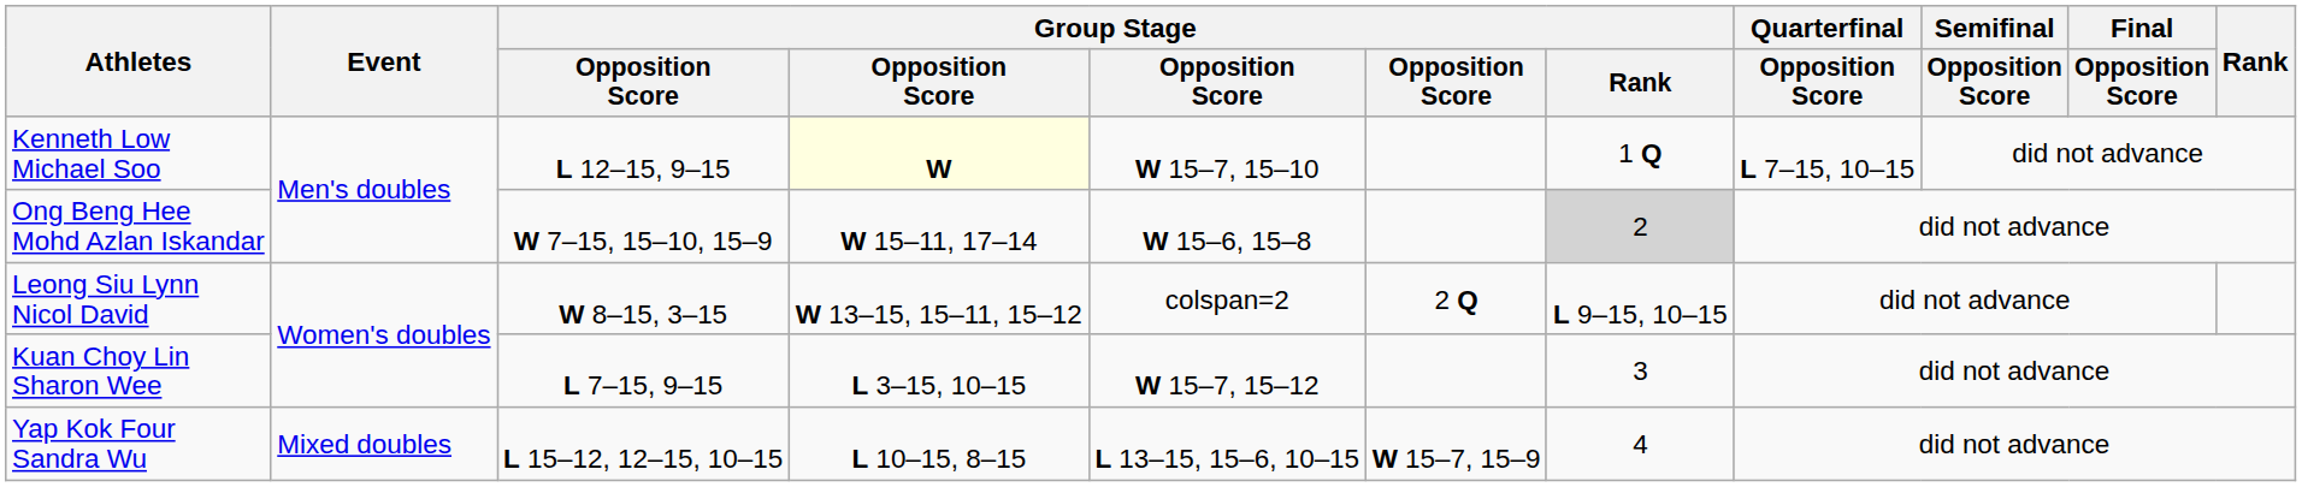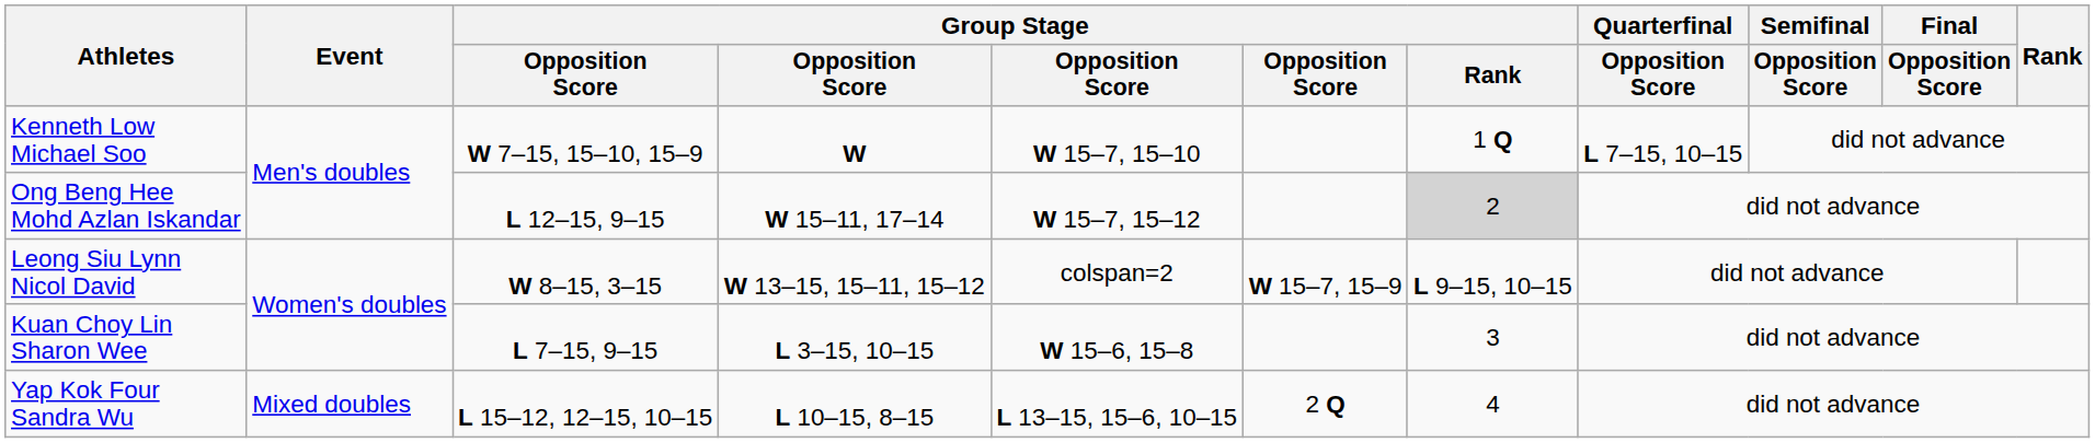 <table class="wikitable" style="font-size:90%">
 <tr>
 <th rowspan=2>Athletes</th>
 <th rowspan=2>Event</th>
 <th colspan=5>Group Stage</th>
 <th>Quarterfinal</th>
 <th>Semifinal</th>
 <th>Final</th>
 <th rowspan=2>Rank</th>
 </tr>
 <tr style="font-size:95%">
 <th>Opposition<br>Score</th>
 <th>Opposition<br>Score</th>
 <th>Opposition<br>Score</th>
 <th>Opposition<br>Score</th>
 <th>Rank</th>
 <th>Opposition<br>Score</th>
 <th>Opposition<br>Score</th>
 <th>Opposition<br>Score</th>
 </tr>
 <tr align=center>
 <td align=left><a href='#'>Kenneth Low</a><br><a href='#'>Michael Soo</a></td>
 <td align=left rowspan=2><a href='#'>Men's doubles</a></td>
-<td><br><strong>L</strong> 12–15, 9–15</td>
-<td style="background: lightyellow;"><br><strong>W</strong> </td>
+<td><br><strong>W</strong> 7–15, 15–10, 15–9</td>
+<td><br><strong>W</strong> </td>
 <td><br><strong>W</strong> 15–7, 15–10</td>
 <td></td>
 <td>1 <strong>Q</strong></td>
 <td><br><strong>L</strong> 7–15, 10–15</td>
 <td colspan=3>did not advance</td>
 </tr>
 <tr align=center>
 <td align=left><a href='#'>Ong Beng Hee</a><br><a href='#'>Mohd Azlan Iskandar</a></td>
-<td><br><strong>W</strong> 7–15, 15–10, 15–9</td>
+<td><br><strong>L</strong> 12–15, 9–15</td>
 <td><br><strong>W</strong> 15–11, 17–14</td>
-<td><br><strong>W</strong> 15–6, 15–8</td>
+<td><br><strong>W</strong> 15–7, 15–12</td>
 <td></td>
 <td style="background: lightgrey;">2</td>
 <td colspan=4>did not advance</td>
 </tr>
 <tr align=center>
 <td align=left><a href='#'>Leong Siu Lynn</a><br><a href='#'>Nicol David</a></td>
 <td align=left rowspan=2><a href='#'>Women's doubles</a></td>
 <td><br><strong>W</strong> 8–15, 3–15</td>
 <td><br><strong>W</strong> 13–15, 15–11, 15–12</td>
 <td>colspan=2 </td>
-<td>2 <strong>Q</strong></td>
+<td><br><strong>W</strong> 15–7, 15–9</td>
 <td><br><strong>L</strong> 9–15, 10–15</td>
 <td colspan=3>did not advance</td>
 </tr>
 <tr align=center>
 <td align=left><a href='#'>Kuan Choy Lin</a><br><a href='#'>Sharon Wee</a></td>
 <td><br><strong>L</strong> 7–15, 9–15</td>
 <td><br><strong>L</strong> 3–15, 10–15</td>
-<td><br><strong>W</strong> 15–7, 15–12</td>
+<td><br><strong>W</strong> 15–6, 15–8</td>
 <td></td>
 <td>3</td>
 <td colspan=4>did not advance</td>
 </tr>
 <tr align=center>
 <td align=left><a href='#'>Yap Kok Four</a><br><a href='#'>Sandra Wu</a></td>
 <td align=left><a href='#'>Mixed doubles</a></td>
 <td><br><strong>L</strong> 15–12, 12–15, 10–15</td>
 <td><br><strong>L</strong> 10–15, 8–15</td>
 <td><br><strong>L</strong> 13–15, 15–6, 10–15</td>
-<td><br><strong>W</strong> 15–7, 15–9</td>
+<td>2 <strong>Q</strong></td>
 <td>4</td>
 <td colspan=5>did not advance</td>
 </tr>
 </table>
